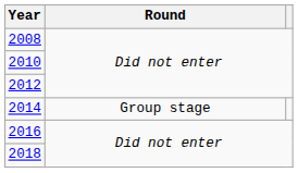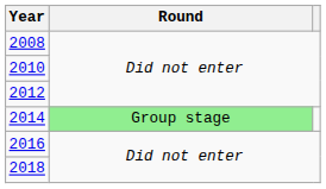 <table class="wikitable" style="text-align: center; font-size:90%">
 <tr>
 <th>Year</th>
 <th style="width:200px">Round</th>
 <th></th>
 </tr>
 <tr>
 <td><a href='#'>2008</a></td>
 <td colspan="2" rowspan="3"><em>Did not enter</em></td>
 </tr>
 <tr>
 <td><a href='#'>2010</a></td>
 </tr>
 <tr>
 <td><a href='#'>2012</a></td>
 </tr>
 <tr>
 <td><a href='#'>2014</a></td>
-<td>Group stage</td>
+<td style="background: lightgreen;">Group stage</td>
 <td></td>
 </tr>
 <tr>
 <td><a href='#'>2016</a></td>
 <td colspan="2" rowspan="2"><em>Did not enter</em></td>
 </tr>
 <tr>
 <td><a href='#'>2018</a></td>
 </tr>
 </table>
